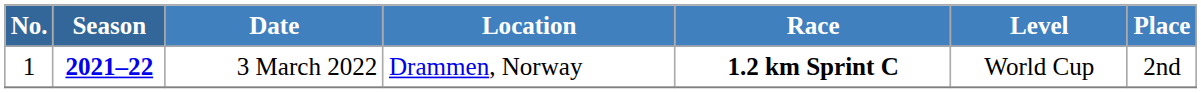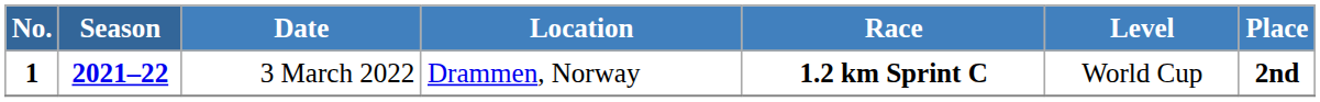 <table class="wikitable sortable" style="font-size:95%; text-align:center; border:grey solid 1px; border-collapse:collapse; background:#ffffff;">
 <tr style="background:#efefef;">
 <th style="background-color:#369; color:white;">No.</th>
 <th style="background-color:#369; color:white;">Season</th>
 <th style="background-color:#4180be; color:white; width:125px;">Date</th>
 <th style="background-color:#4180be; color:white; width:170px;">Location</th>
 <th style="background-color:#4180be; color:white; width:160px;">Race</th>
 <th style="background-color:#4180be; color:white; width:100px;">Level</th>
 <th style="background-color:#4180be; color:white;">Place</th>
 </tr>
 <tr>
-<td align=center>1</td>
+<td align=center><strong>1</strong></td>
 <td rowspan="1" align="center"><strong> <a href='#'>2021–22</a> </strong></td>
 <td align=right>3 March 2022</td>
 <td align=left> <a href='#'>Drammen</a>, Norway</td>
 <td><strong>1.2 km Sprint C</strong></td>
 <td>World Cup</td>
-<td>2nd</td>
+<td><strong>2nd</strong></td>
 </tr>
 <tr>
 </tr>
 </table>
